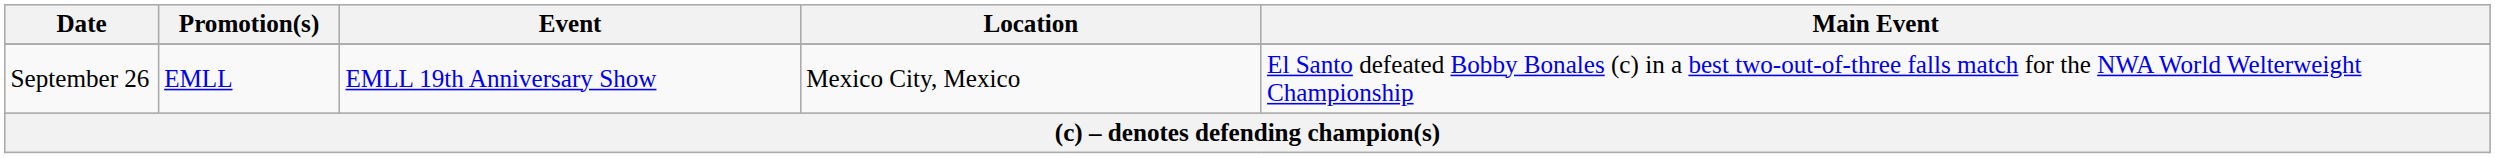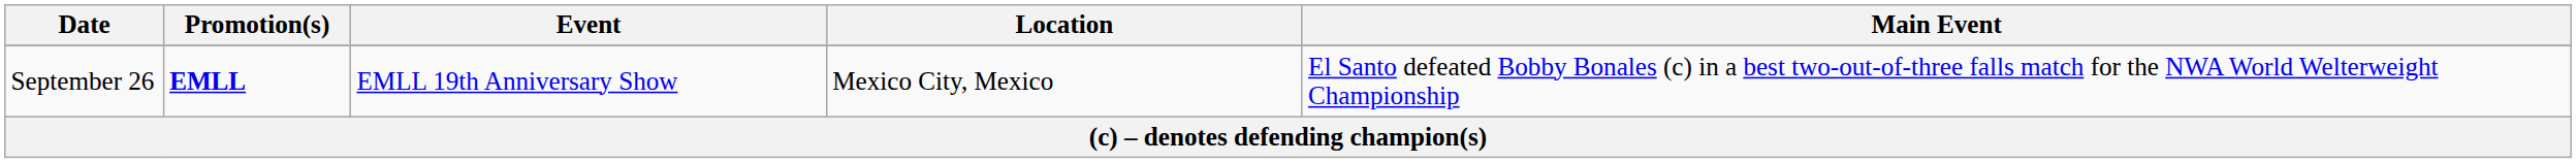 <table class="wikitable" style="width:100%;">
 <tr>
 <th width=5%>Date</th>
 <th width=5%>Promotion(s)</th>
 <th style="width:15%;">Event</th>
 <th style="width:15%;">Location</th>
 <th style="width:40%;">Main Event</th>
 </tr>
 <tr style="width:20%;"| Notes>
 </tr>
 <tr>
 <td>September 26</td>
-<td><a href='#'>EMLL</a></td>
+<td><strong><a href='#'>EMLL</a></strong></td>
 <td><a href='#'>EMLL 19th Anniversary Show</a></td>
 <td>Mexico City, Mexico</td>
 <td><a href='#'>El Santo</a> defeated <a href='#'>Bobby Bonales</a> (c) in a <a href='#'>best two-out-of-three falls match</a> for the <a href='#'>NWA World Welterweight Championship</a></td>
 </tr>
 <tr>
 <th colspan="5">(c) – denotes defending champion(s)</th>
 </tr>
 </table>
